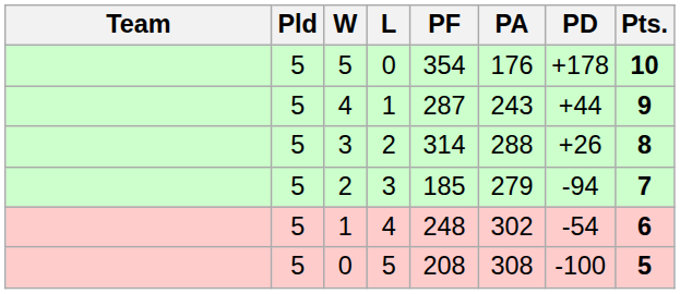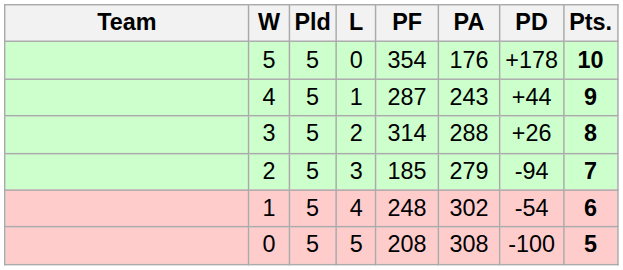 <table class=wikitable style="text-align:center">
 <tr>
 <th width=160>Team</th>
+<th width=20>W</th>
 <th width=20>Pld</th>
-<th width=20>W</th>
 <th width=20>L</th>
 <th width=35>PF</th>
 <th width=35>PA</th>
 <th width=35>PD</th>
 <th width=30>Pts.</th>
 </tr>
 <tr align="center" bgcolor="#CCFFCC">
 <td align=left></td>
 <td>5</td>
 <td>5</td>
 <td>0</td>
 <td>354</td>
 <td>176</td>
 <td>+178</td>
 <td><strong>10</strong></td>
 </tr>
 <tr align="center" bgcolor="#CCFFCC">
 <td align=left></td>
+<td>4</td>
 <td>5</td>
-<td>4</td>
 <td>1</td>
 <td>287</td>
 <td>243</td>
 <td>+44</td>
 <td><strong>9</strong></td>
 </tr>
 <tr align="center" bgcolor="#CCFFCC">
 <td align=left></td>
+<td>3</td>
 <td>5</td>
-<td>3</td>
 <td>2</td>
 <td>314</td>
 <td>288</td>
 <td>+26</td>
 <td><strong>8</strong></td>
 </tr>
 <tr align="center" bgcolor="#CCFFCC">
 <td align=left></td>
+<td>2</td>
 <td>5</td>
-<td>2</td>
 <td>3</td>
 <td>185</td>
 <td>279</td>
 <td>-94</td>
 <td><strong>7</strong></td>
 </tr>
 <tr align="center"  bgcolor="#FFCCCC">
 <td align=left></td>
+<td>1</td>
 <td>5</td>
-<td>1</td>
 <td>4</td>
 <td>248</td>
 <td>302</td>
 <td>-54</td>
 <td><strong>6</strong></td>
 </tr>
 <tr align="center"  bgcolor="#FFCCCC">
 <td align=left></td>
+<td>0</td>
 <td>5</td>
-<td>0</td>
 <td>5</td>
 <td>208</td>
 <td>308</td>
 <td>-100</td>
 <td><strong>5</strong></td>
 </tr>
 </table>
